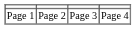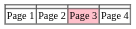 <table border="1" cellspacing="0" cellpadding="2" align="center">
 <tr>
 <th></th>
 <th></th>
 <th></th>
 <th></th>
 </tr>
 <tr>
 <td>Page 1</td>
 <td>Page 2</td>
-<td>Page 3</td>
+<td style="background: pink;">Page 3</td>
 <td>Page 4</td>
 </tr>
 </table>
